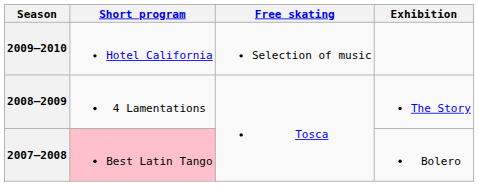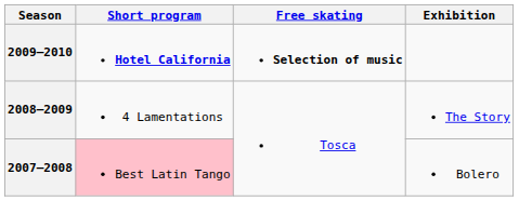 <table class="wikitable" style="text-align:center">
 <tr>
 <th>Season</th>
 <th><a href='#'>Short program</a></th>
 <th><a href='#'>Free skating</a></th>
 <th>Exhibition</th>
 </tr>
 <tr>
 <th>2009–2010 <br> </th>
-<td><br><ul><li><a href='#'>Hotel California</a> <br></li></ul></td>
-<td><br><ul><li>Selection of music <br></li></ul></td>
+<td><strong><br><ul><li><a href='#'>Hotel California</a> <br></li></ul></strong></td>
+<td><strong><br><ul><li>Selection of music <br></li></ul></strong></td>
 <td></td>
 </tr>
 <tr>
 <th>2008–2009 <br> </th>
 <td><br><ul><li>4 Lamentations</li></ul></td>
 <td rowspan=2><br><ul><li><a href='#'>Tosca</a> <br></li></ul></td>
 <td><br><ul><li><a href='#'>The Story</a> <br></li></ul></td>
 </tr>
 <tr>
 <th>2007–2008 <br> </th>
 <td style="background: pink;"><br><ul><li>Best Latin Tango <br></li></ul></td>
 <td><br><ul><li>Bolero <br></li></ul></td>
 </tr>
 </table>
